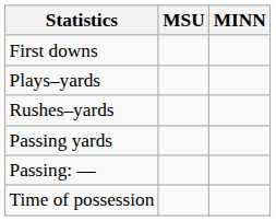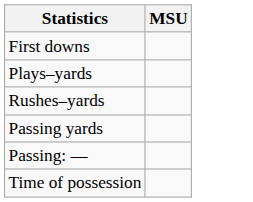 <table class="wikitable" style="float:left">
 <tr>
 <th>Statistics</th>
 <th>MSU</th>
-<th>MINN</th>
 </tr>
 <tr>
 <td>First downs</td>
-<td></td>
 <td></td>
 </tr>
 <tr>
 <td>Plays–yards</td>
 <td></td>
-<td></td>
 </tr>
 <tr>
 <td>Rushes–yards</td>
-<td></td>
 <td></td>
 </tr>
 <tr>
 <td>Passing yards</td>
 <td></td>
-<td></td>
 </tr>
 <tr>
 <td>Passing: ––</td>
-<td></td>
 <td></td>
 </tr>
 <tr>
 <td>Time of possession</td>
 <td></td>
-<td></td>
 </tr>
 </table>
